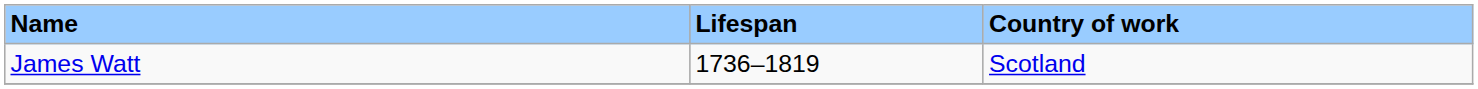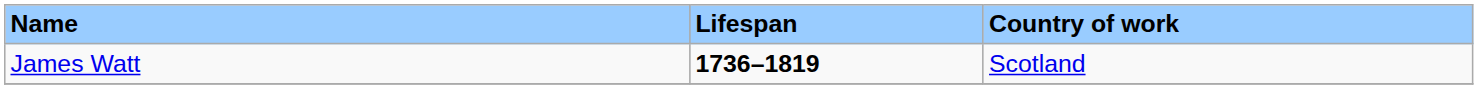 <table class="wikitable" style="width:75%; background:light blue; color:black">
 <tr>
 <td width="35%" bgcolor="#99ccff"><strong>Name</strong></td>
 <td width="15%" bgcolor="#99ccff"><strong> Lifespan</strong></td>
 <td width="25%" bgcolor="#99ccff"><strong> Country of work </strong></td>
 </tr>
 <tr>
 <td><a href='#'>James Watt</a></td>
-<td>1736–1819</td>
+<td><strong>1736–1819</strong></td>
 <td><a href='#'>Scotland</a></td>
 </tr>
 <tr>
 </tr>
 </table>
